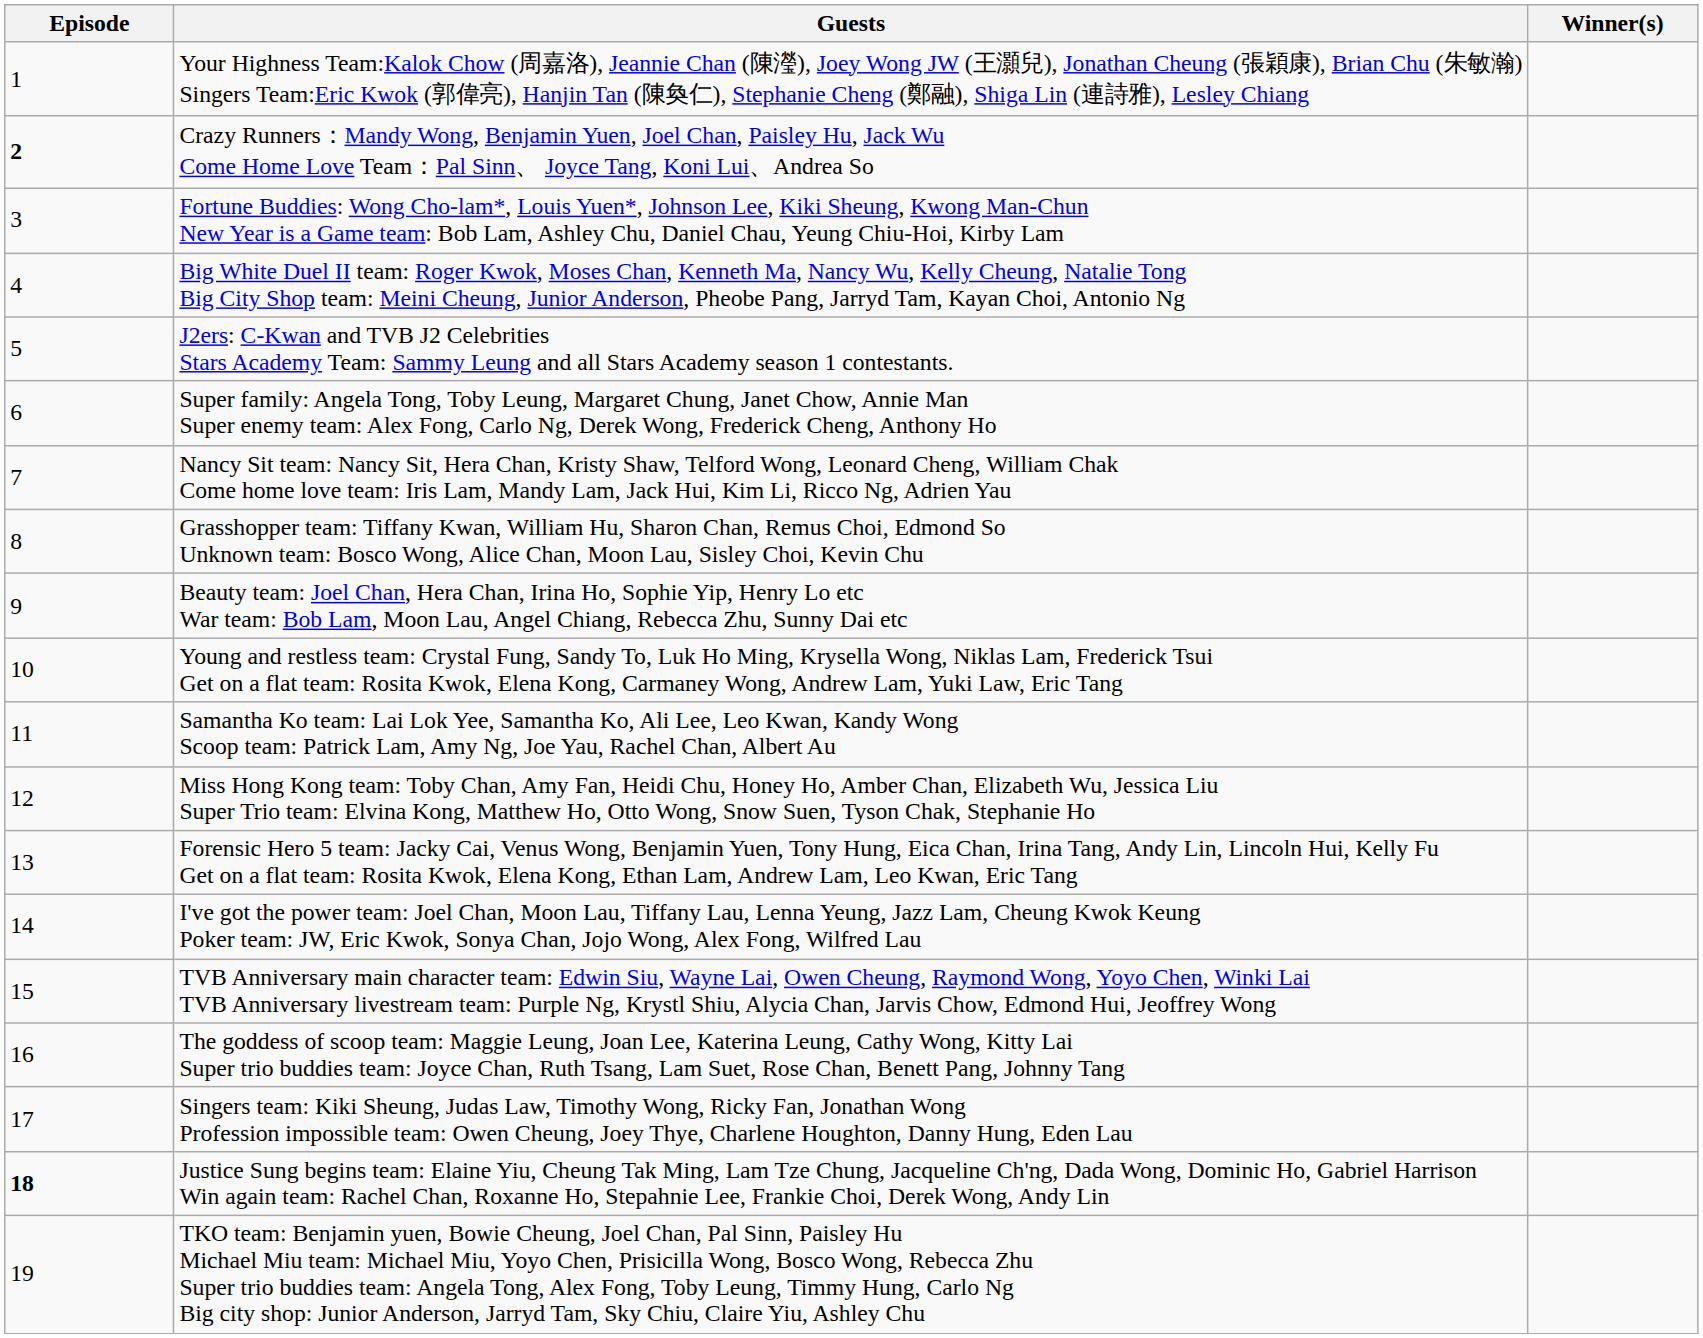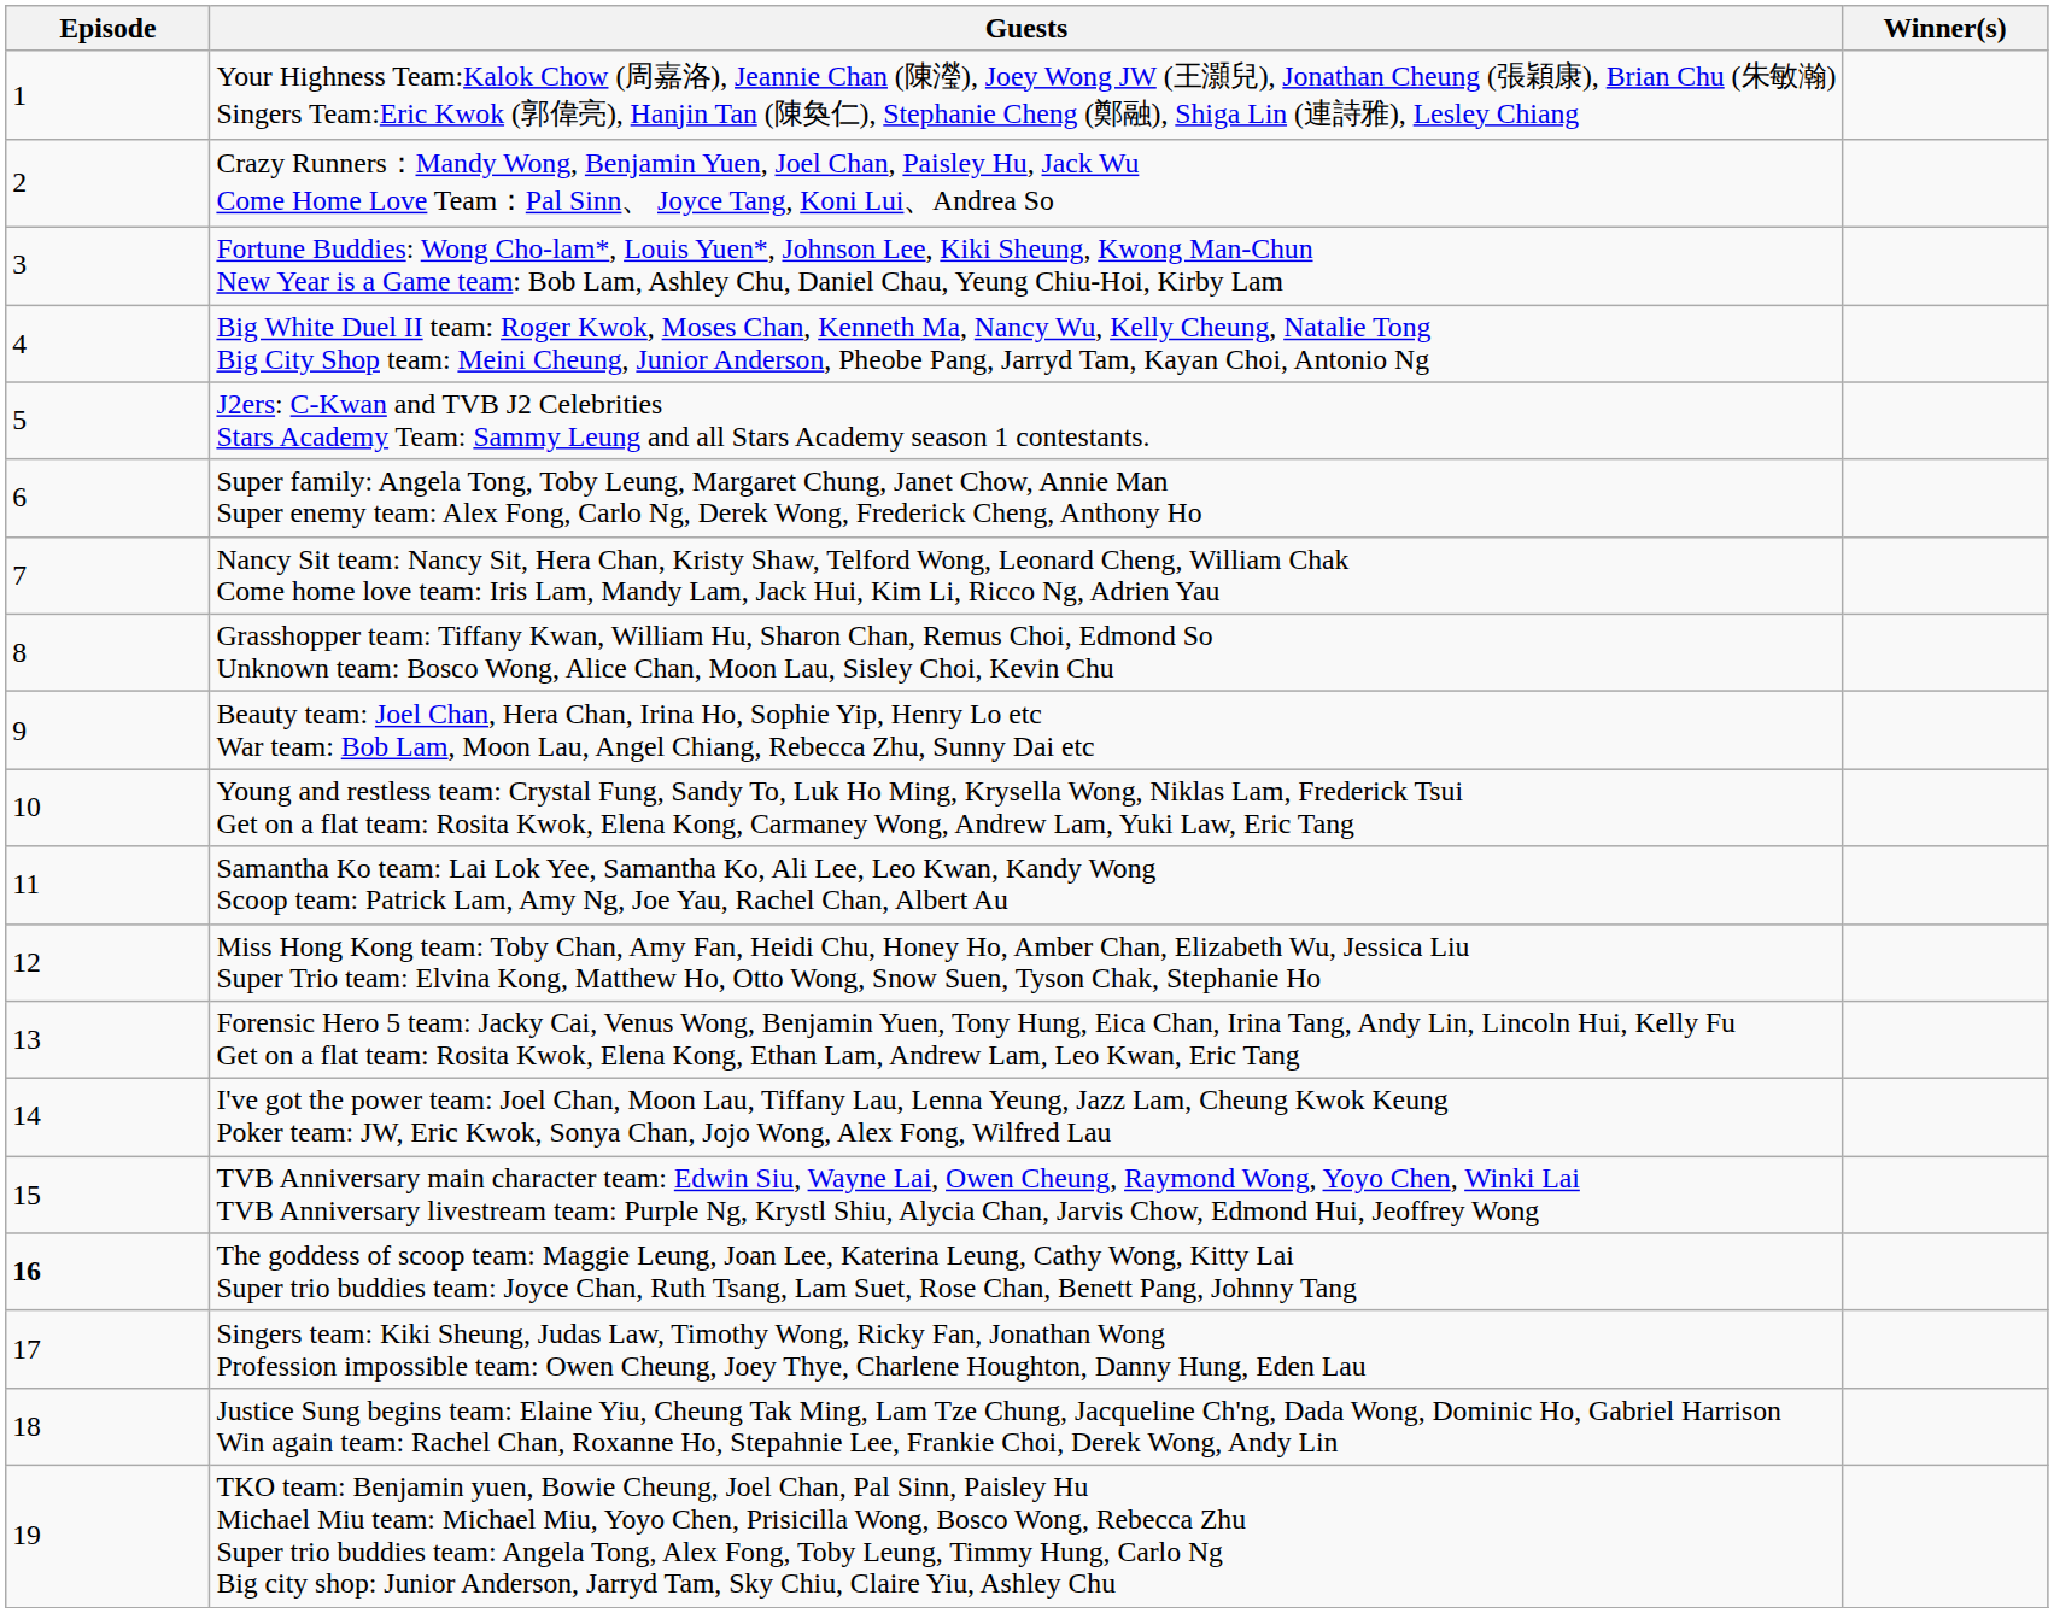 <table class="wikitable">
 <tr>
 <th style="width:10%;">Episode</th>
 <th style="width:80%;">Guests</th>
 <th style="width:10%;">Winner(s)</th>
 </tr>
 <tr>
 <td>1</td>
 <td>Your Highness Team:<a href='#'>Kalok Chow</a> (周嘉洛), <a href='#'>Jeannie Chan</a> (陳瀅), <a href='#'>Joey Wong JW</a> (王灝兒), <a href='#'>Jonathan Cheung</a> (張穎康), <a href='#'>Brian Chu</a> (朱敏瀚)<br>Singers Team:<a href='#'>Eric Kwok</a> (郭偉亮), <a href='#'>Hanjin Tan</a> (陳奐仁), <a href='#'>Stephanie Cheng</a> (鄭融), <a href='#'>Shiga Lin</a> (連詩雅), <a href='#'>Lesley Chiang</a></td>
 <td></td>
 </tr>
 <tr>
-<td><strong>2</strong></td>
+<td>2</td>
 <td>Crazy Runners：<a href='#'>Mandy Wong</a>, <a href='#'>Benjamin Yuen</a>, <a href='#'>Joel Chan</a>, <a href='#'>Paisley Hu</a>, <a href='#'>Jack Wu</a><br><a href='#'>Come Home Love</a> Team：<a href='#'>Pal Sinn</a>、 <a href='#'>Joyce Tang</a>, <a href='#'>Koni Lui</a>、Andrea So</td>
 <td></td>
 </tr>
 <tr>
 <td>3</td>
 <td><a href='#'>Fortune Buddies</a>: <a href='#'> Wong Cho-lam*</a>, <a href='#'>Louis Yuen*</a>, <a href='#'>Johnson Lee</a>, <a href='#'>Kiki Sheung</a>, <a href='#'>Kwong Man-Chun</a><br><a href='#'>New Year is a Game team</a>: Bob Lam, Ashley Chu, Daniel Chau, Yeung Chiu-Hoi, Kirby Lam</td>
 <td></td>
 </tr>
 <tr>
 <td>4</td>
 <td><a href='#'>Big White Duel II</a> team: <a href='#'>Roger Kwok</a>, <a href='#'>Moses Chan</a>, <a href='#'>Kenneth Ma</a>, <a href='#'>Nancy Wu</a>, <a href='#'>Kelly Cheung</a>, <a href='#'>Natalie Tong</a><br><a href='#'>Big City Shop</a> team: <a href='#'>Meini Cheung</a>, <a href='#'>Junior Anderson</a>, Pheobe Pang, Jarryd Tam, Kayan Choi, Antonio Ng</td>
 <td></td>
 </tr>
 <tr>
 <td>5</td>
 <td><a href='#'>J2ers</a>: <a href='#'>C-Kwan</a> and TVB J2 Celebrities<br><a href='#'>Stars Academy</a> Team: <a href='#'>Sammy Leung</a> and all Stars Academy season 1 contestants.</td>
 <td></td>
 </tr>
 <tr>
 <td>6</td>
 <td>Super family: Angela Tong, Toby Leung, Margaret Chung, Janet Chow, Annie Man<br>Super enemy team: Alex Fong, Carlo Ng, Derek Wong, Frederick Cheng, Anthony Ho</td>
 <td></td>
 </tr>
 <tr>
 <td>7</td>
 <td>Nancy Sit team: Nancy Sit, Hera Chan, Kristy Shaw, Telford Wong, Leonard Cheng, William Chak<br>Come home love team: Iris Lam, Mandy Lam, Jack Hui, Kim Li, Ricco Ng, Adrien Yau</td>
 <td></td>
 </tr>
 <tr>
 <td>8</td>
 <td>Grasshopper team: Tiffany Kwan, William Hu, Sharon Chan, Remus Choi, Edmond So<br>Unknown team: Bosco Wong, Alice Chan, Moon Lau, Sisley Choi, Kevin Chu</td>
 <td></td>
 </tr>
 <tr>
 <td>9</td>
 <td>Beauty team: <a href='#'>Joel Chan</a>, Hera Chan, Irina Ho, Sophie Yip, Henry Lo etc<br>War team: <a href='#'>Bob Lam</a>, Moon Lau, Angel Chiang, Rebecca Zhu, Sunny Dai etc</td>
 <td></td>
 </tr>
 <tr>
 <td>10</td>
 <td>Young and restless team: Crystal Fung, Sandy To, Luk Ho Ming, Krysella Wong, Niklas Lam, Frederick Tsui<br>Get on a flat team: Rosita Kwok, Elena Kong, Carmaney Wong, Andrew Lam, Yuki Law, Eric Tang</td>
 <td></td>
 </tr>
 <tr>
 <td>11</td>
 <td>Samantha Ko team: Lai Lok Yee, Samantha Ko, Ali Lee, Leo Kwan, Kandy Wong<br>Scoop team: Patrick Lam, Amy Ng, Joe Yau, Rachel Chan, Albert Au</td>
 <td></td>
 </tr>
 <tr>
 <td>12</td>
 <td>Miss Hong Kong team: Toby Chan, Amy Fan, Heidi Chu, Honey Ho, Amber Chan,  Elizabeth Wu, Jessica Liu<br>Super Trio team: Elvina Kong, Matthew Ho, Otto Wong, Snow Suen, Tyson Chak, Stephanie Ho</td>
 <td></td>
 </tr>
 <tr>
 <td>13</td>
 <td>Forensic Hero 5 team: Jacky Cai, Venus Wong, Benjamin Yuen, Tony Hung, Eica Chan, Irina Tang, Andy Lin, Lincoln Hui, Kelly Fu<br>Get on a flat team: Rosita Kwok, Elena Kong, Ethan Lam, Andrew Lam, Leo Kwan, Eric Tang</td>
 <td></td>
 </tr>
 <tr>
 <td>14</td>
 <td>I've got the power team: Joel Chan, Moon Lau, Tiffany Lau, Lenna Yeung, Jazz Lam, Cheung Kwok Keung<br>Poker team: JW, Eric Kwok, Sonya Chan, Jojo Wong, Alex Fong, Wilfred Lau</td>
 <td></td>
 </tr>
 <tr>
 <td>15</td>
 <td>TVB Anniversary main character team: <a href='#'>Edwin Siu</a>, <a href='#'>Wayne Lai</a>, <a href='#'>Owen Cheung</a>, <a href='#'>Raymond Wong</a>, <a href='#'>Yoyo Chen</a>, <a href='#'>Winki Lai</a><br>TVB Anniversary livestream team: Purple Ng, Krystl Shiu, Alycia Chan, Jarvis Chow, Edmond Hui, Jeoffrey Wong</td>
 <td></td>
 </tr>
 <tr>
-<td>16</td>
+<td><strong>16</strong></td>
 <td>The goddess of scoop team: Maggie Leung, Joan Lee, Katerina Leung, Cathy Wong, Kitty Lai<br>Super trio buddies team: Joyce Chan, Ruth Tsang, Lam Suet, Rose Chan, Benett Pang, Johnny Tang</td>
 <td></td>
 </tr>
 <tr>
 <td>17</td>
 <td>Singers team: Kiki Sheung, Judas Law, Timothy Wong, Ricky Fan, Jonathan Wong<br>Profession impossible team: Owen Cheung, Joey Thye, Charlene Houghton, Danny Hung, Eden Lau</td>
 <td></td>
 </tr>
 <tr>
-<td><strong>18</strong></td>
+<td>18</td>
 <td>Justice Sung begins team: Elaine Yiu, Cheung Tak Ming, Lam Tze Chung, Jacqueline Ch'ng, Dada Wong, Dominic Ho, Gabriel Harrison<br>Win again team: Rachel Chan, Roxanne Ho, Stepahnie Lee, Frankie Choi, Derek Wong, Andy Lin</td>
 <td></td>
 </tr>
 <tr>
 <td>19</td>
 <td>TKO team: Benjamin yuen, Bowie Cheung, Joel Chan, Pal Sinn, Paisley Hu<br>Michael Miu team: Michael Miu, Yoyo Chen, Prisicilla Wong, Bosco Wong, Rebecca Zhu<br>Super trio buddies team: Angela Tong, Alex Fong, Toby Leung, Timmy Hung, Carlo Ng<br>Big city shop: Junior Anderson, Jarryd Tam, Sky Chiu, Claire Yiu, Ashley Chu</td>
 <td></td>
 </tr>
 <tr>
 </tr>
 </table>
